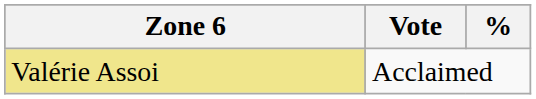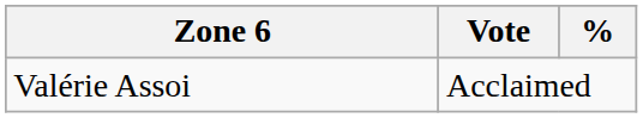 <table class="wikitable">
 <tr>
 <th bgcolor="#DDDDFF" width="200px">Zone 6</th>
 <th bgcolor="#DDDDFF" width="50px">Vote</th>
 <th bgcolor="#DDDDFF" width="30px">%</th>
 </tr>
 <tr>
-<td style="background: khaki;">Valérie Assoi</td>
+<td>Valérie Assoi</td>
 <td colspan="2">Acclaimed</td>
 </tr>
 </table>
